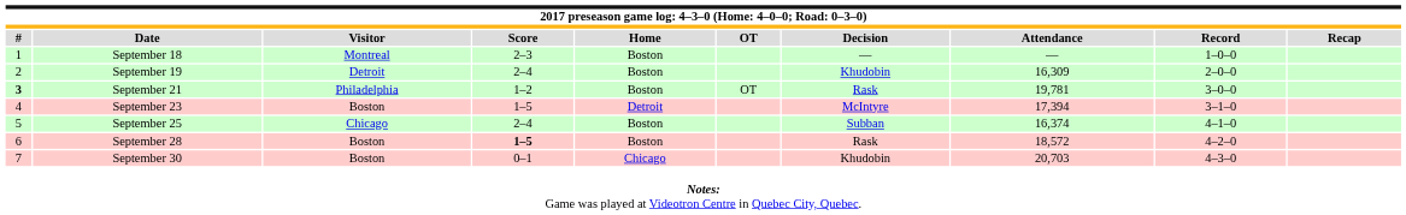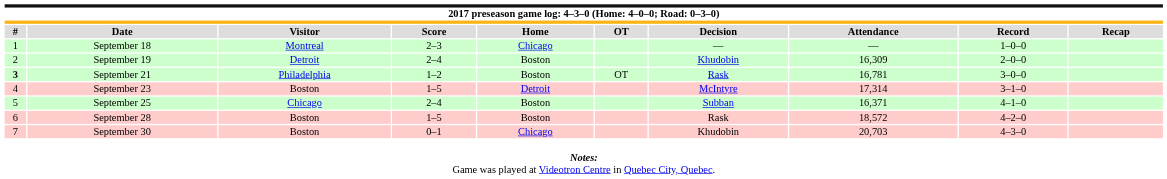 <table class="toccolours collapsible collapsed" style="width:90%; clear:both; margin:1.5em auto; text-align:center;">
 <tr>
 <th colspan=10 style="background:#FFFFFF; border-top:#111111 5px solid; border-bottom:#FCB514 5px solid;">2017 preseason game log: 4–3–0 (Home: 4–0–0; Road: 0–3–0)</th>
 </tr>
 <tr style="background:#ddd;">
 <th>#</th>
 <th>Date</th>
 <th>Visitor</th>
 <th>Score</th>
 <th>Home</th>
 <th>OT</th>
 <th>Decision</th>
 <th>Attendance</th>
 <th>Record</th>
 <th>Recap</th>
 </tr>
 <tr style="background:#cfc;">
 <td>1</td>
 <td>September 18</td>
 <td><a href='#'>Montreal</a></td>
 <td>2–3</td>
-<td>Boston</td>
+<td><a href='#'>Chicago</a></td>
 <td></td>
 <td>—</td>
 <td>—</td>
 <td>1–0–0</td>
 <td></td>
 </tr>
 <tr style="background:#cfc;">
 <td>2</td>
 <td>September 19</td>
 <td><a href='#'>Detroit</a></td>
 <td>2–4</td>
 <td>Boston</td>
 <td></td>
 <td><a href='#'>Khudobin</a></td>
 <td>16,309</td>
 <td>2–0–0</td>
 <td></td>
 </tr>
 <tr style="background:#cfc;">
 <td><strong>3</strong></td>
 <td>September 21</td>
 <td><a href='#'>Philadelphia</a></td>
 <td>1–2</td>
 <td>Boston</td>
 <td>OT</td>
 <td><a href='#'>Rask</a></td>
-<td>19,781</td>
+<td>16,781</td>
 <td>3–0–0</td>
 <td></td>
 </tr>
 <tr style="background:#fcc;">
 <td>4</td>
 <td>September 23</td>
 <td>Boston</td>
 <td>1–5</td>
 <td><a href='#'>Detroit</a></td>
 <td></td>
 <td><a href='#'>McIntyre</a></td>
-<td>17,394</td>
+<td>17,314</td>
 <td>3–1–0</td>
 <td></td>
 </tr>
 <tr style="background:#cfc;">
 <td>5</td>
 <td>September 25</td>
 <td><a href='#'>Chicago</a></td>
 <td>2–4</td>
 <td>Boston</td>
 <td></td>
 <td><a href='#'>Subban</a></td>
-<td>16,374</td>
+<td>16,371</td>
 <td>4–1–0</td>
 <td></td>
 </tr>
 <tr style="background:#fcc;">
 <td>6</td>
 <td>September 28</td>
 <td>Boston</td>
-<td><strong>1–5</strong></td>
+<td>1–5</td>
 <td>Boston</td>
 <td></td>
 <td>Rask</td>
 <td>18,572</td>
 <td>4–2–0</td>
 <td></td>
 </tr>
 <tr style="background:#fcc;">
 <td>7</td>
 <td>September 30</td>
 <td>Boston</td>
 <td>0–1</td>
 <td><a href='#'>Chicago</a></td>
 <td></td>
 <td>Khudobin</td>
 <td>20,703</td>
 <td>4–3–0</td>
 <td></td>
 </tr>
 <tr>
 <td colspan="10" style="text-align:center;"><br><strong><em>Notes:</em></strong><br> Game was played at <a href='#'>Videotron Centre</a> in <a href='#'>Quebec City, Quebec</a>.</td>
 </tr>
 </table>
